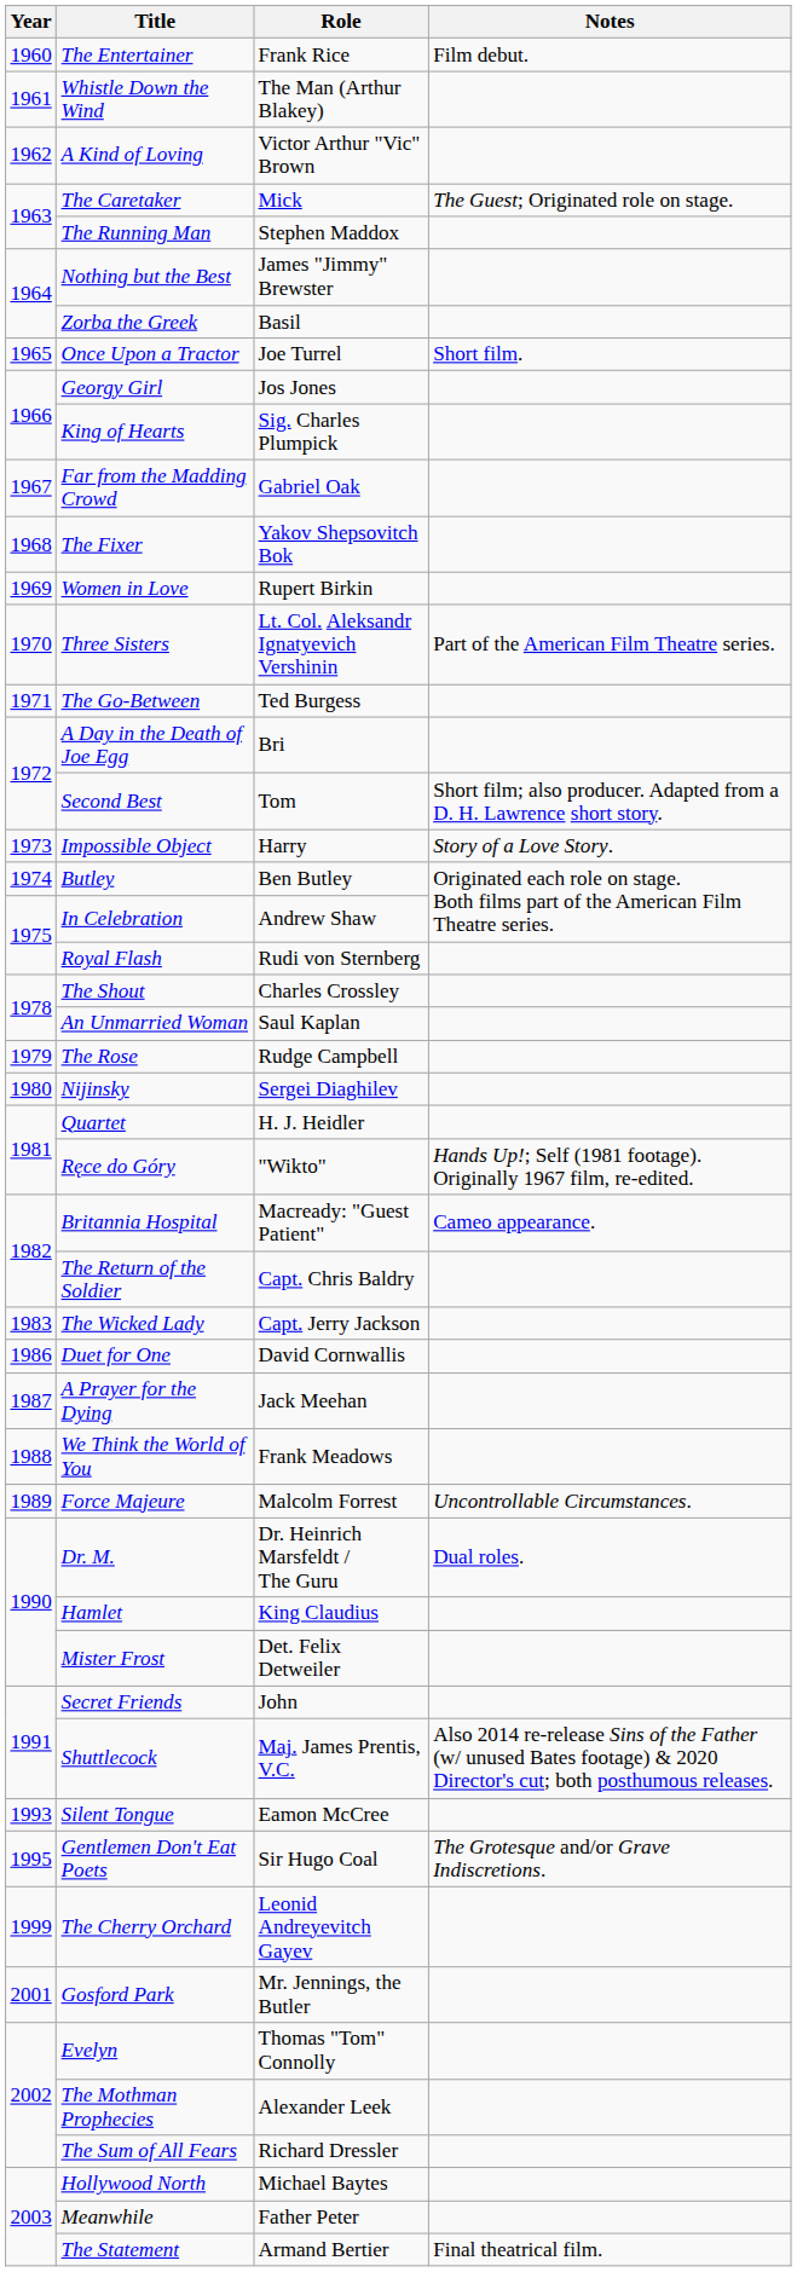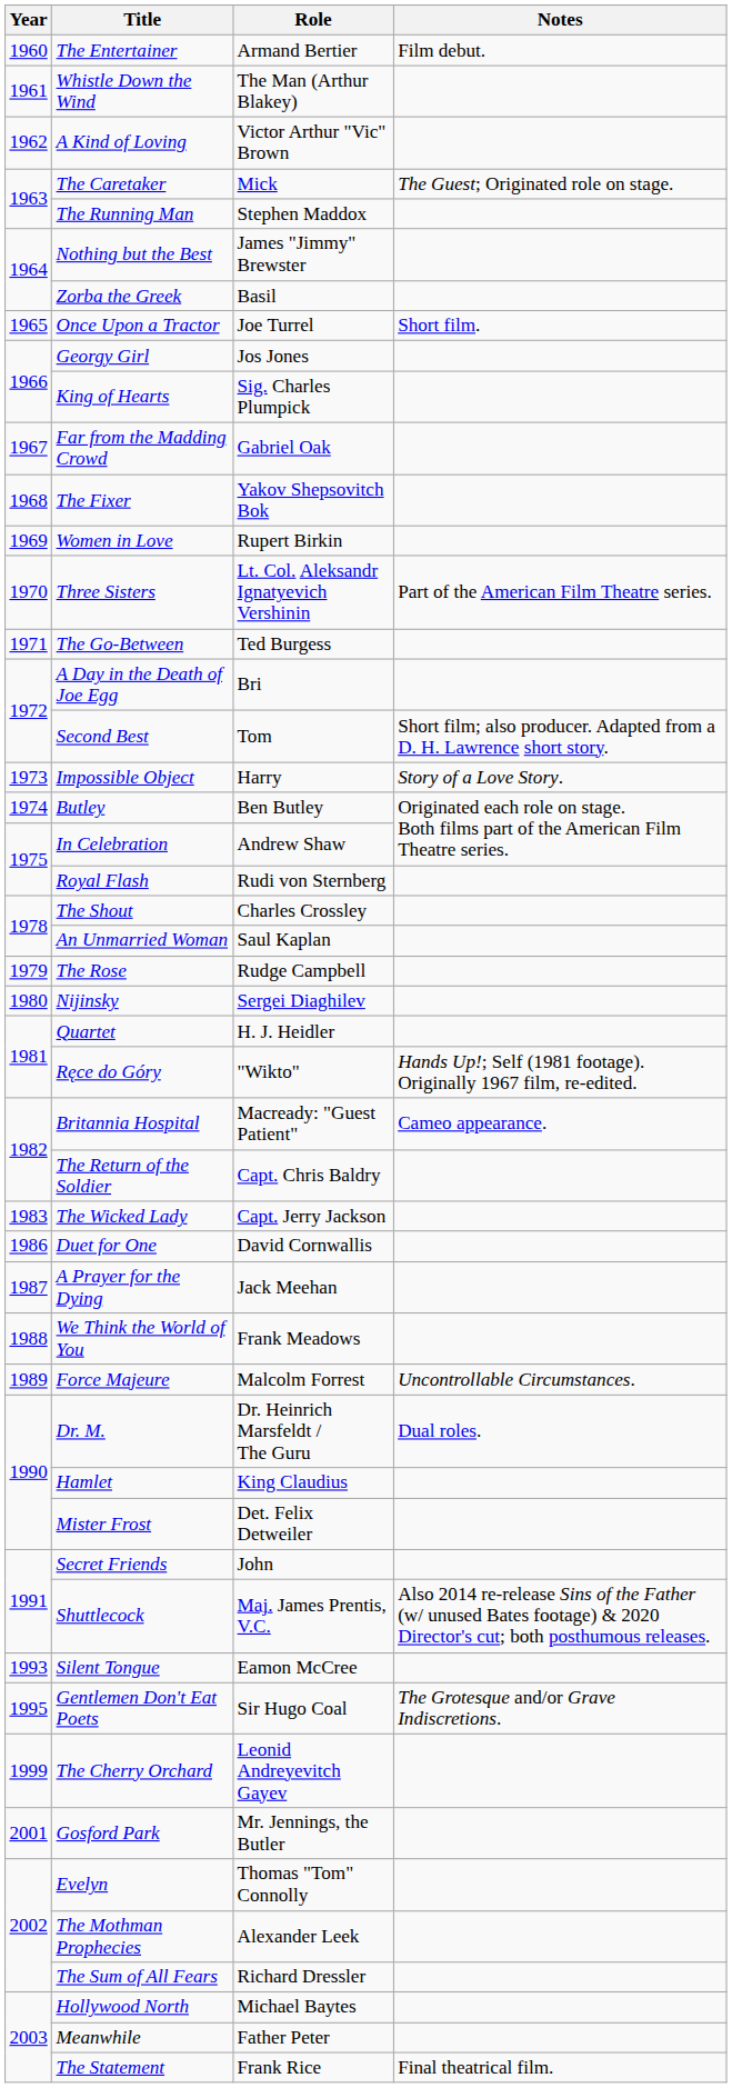 <table class="wikitable sortable">
 <tr>
 <th style="width:020px;">Year</th>
 <th style="width:250px;">Title</th>
 <th style="width:190px;">Role</th>
 <th style="width:540px;">Notes</th>
 </tr>
 <tr>
 <td><a href='#'>1960</a></td>
 <td><em><a href='#'>The Entertainer</a></em></td>
-<td>Frank Rice</td>
+<td>Armand Bertier</td>
 <td>Film debut.</td>
 </tr>
 <tr>
 <td><a href='#'>1961</a></td>
 <td><em><a href='#'>Whistle Down the Wind</a></em></td>
 <td>The Man (Arthur Blakey)</td>
 <td></td>
 </tr>
 <tr>
 <td><a href='#'>1962</a></td>
 <td><em><a href='#'>A Kind of Loving</a></em></td>
 <td>Victor Arthur "Vic" Brown</td>
 <td></td>
 </tr>
 <tr>
 <td rowspan="2"><a href='#'>1963</a></td>
 <td><em><a href='#'>The Caretaker</a></em></td>
 <td><a href='#'>Mick</a></td>
 <td> <em>The Guest</em>; Originated role on stage.</td>
 </tr>
 <tr>
 <td><em><a href='#'>The Running Man</a></em></td>
 <td>Stephen Maddox</td>
 <td></td>
 </tr>
 <tr>
 <td rowspan="2"><a href='#'>1964</a></td>
 <td><em><a href='#'>Nothing but the Best</a></em></td>
 <td>James "Jimmy" Brewster</td>
 <td></td>
 </tr>
 <tr>
 <td><em><a href='#'>Zorba the Greek</a></em></td>
 <td>Basil</td>
 <td></td>
 </tr>
 <tr>
 <td><a href='#'>1965</a></td>
 <td><em><a href='#'>Once Upon a Tractor</a></em></td>
 <td>Joe Turrel</td>
 <td><a href='#'>Short film</a>.</td>
 </tr>
 <tr>
 <td rowspan="2"><a href='#'>1966</a></td>
 <td><em><a href='#'>Georgy Girl</a></em></td>
 <td>Jos Jones</td>
 <td></td>
 </tr>
 <tr>
 <td><em><a href='#'>King of Hearts</a></em></td>
 <td><a href='#'>Sig.</a> Charles Plumpick</td>
 <td></td>
 </tr>
 <tr>
 <td><a href='#'>1967</a></td>
 <td><em><a href='#'>Far from the Madding Crowd</a></em></td>
 <td><a href='#'>Gabriel Oak</a></td>
 <td></td>
 </tr>
 <tr>
 <td><a href='#'>1968</a></td>
 <td><em><a href='#'>The Fixer</a></em></td>
 <td><a href='#'>Yakov Shepsovitch Bok</a></td>
 <td></td>
 </tr>
 <tr>
 <td><a href='#'>1969</a></td>
 <td><em><a href='#'>Women in Love</a></em></td>
 <td>Rupert Birkin</td>
 <td></td>
 </tr>
 <tr>
 <td><a href='#'>1970</a></td>
 <td><em><a href='#'>Three Sisters</a></em></td>
 <td><a href='#'>Lt. Col.</a> <a href='#'>Aleksandr Ignatyevich Vershinin</a></td>
 <td>Part of the <a href='#'>American Film Theatre</a> series.</td>
 </tr>
 <tr>
 <td><a href='#'>1971</a></td>
 <td><em><a href='#'>The Go-Between</a></em></td>
 <td>Ted Burgess</td>
 <td></td>
 </tr>
 <tr>
 <td rowspan="2"><a href='#'>1972</a></td>
 <td><em><a href='#'>A Day in the Death of Joe Egg</a></em></td>
 <td>Bri</td>
 <td></td>
 </tr>
 <tr>
 <td><em><a href='#'>Second Best</a></em></td>
 <td>Tom</td>
 <td>Short film; also producer. Adapted from a <a href='#'>D. H. Lawrence</a> <a href='#'>short story</a>.</td>
 </tr>
 <tr>
 <td><a href='#'>1973</a></td>
 <td><em><a href='#'>Impossible Object</a></em></td>
 <td>Harry</td>
 <td> <em>Story of a Love Story</em>.</td>
 </tr>
 <tr>
 <td><a href='#'>1974</a></td>
 <td><em><a href='#'>Butley</a></em></td>
 <td>Ben Butley</td>
 <td rowspan="2">Originated each role on stage.<br>Both films part of the American Film Theatre series.</td>
 </tr>
 <tr>
 <td rowspan="2"><a href='#'>1975</a></td>
 <td><em><a href='#'>In Celebration</a></em></td>
 <td>Andrew Shaw</td>
 </tr>
 <tr>
 <td><em><a href='#'>Royal Flash</a></em></td>
 <td>Rudi von Sternberg</td>
 <td></td>
 </tr>
 <tr>
 <td rowspan="2"><a href='#'>1978</a></td>
 <td><em><a href='#'>The Shout</a></em></td>
 <td>Charles Crossley</td>
 <td></td>
 </tr>
 <tr>
 <td><em><a href='#'>An Unmarried Woman</a></em></td>
 <td>Saul Kaplan</td>
 <td></td>
 </tr>
 <tr>
 <td><a href='#'>1979</a></td>
 <td><em><a href='#'>The Rose</a></em></td>
 <td>Rudge Campbell</td>
 <td></td>
 </tr>
 <tr>
 <td><a href='#'>1980</a></td>
 <td><em><a href='#'>Nijinsky</a></em></td>
 <td><a href='#'>Sergei Diaghilev</a></td>
 <td></td>
 </tr>
 <tr>
 <td rowspan="2"><a href='#'>1981</a></td>
 <td><em><a href='#'>Quartet</a></em></td>
 <td>H. J. Heidler</td>
 <td></td>
 </tr>
 <tr>
 <td><em><a href='#'>Ręce do Góry</a></em></td>
 <td>"Wikto"</td>
 <td> <em>Hands Up!</em>; Self (1981 footage). Originally 1967 film, re-edited.</td>
 </tr>
 <tr>
 <td rowspan="2"><a href='#'>1982</a></td>
 <td><em><a href='#'>Britannia Hospital</a></em></td>
 <td>Macready: "Guest Patient"</td>
 <td><a href='#'>Cameo appearance</a>.</td>
 </tr>
 <tr>
 <td><em><a href='#'>The Return of the Soldier</a></em></td>
 <td><a href='#'>Capt.</a> Chris Baldry</td>
 <td></td>
 </tr>
 <tr>
 <td><a href='#'>1983</a></td>
 <td><em><a href='#'>The Wicked Lady</a></em></td>
 <td><a href='#'>Capt.</a> Jerry Jackson</td>
 <td></td>
 </tr>
 <tr>
 <td><a href='#'>1986</a></td>
 <td><em><a href='#'>Duet for One</a></em></td>
 <td>David Cornwallis</td>
 <td></td>
 </tr>
 <tr>
 <td><a href='#'>1987</a></td>
 <td><em><a href='#'>A Prayer for the Dying</a></em></td>
 <td>Jack Meehan</td>
 <td></td>
 </tr>
 <tr>
 <td><a href='#'>1988</a></td>
 <td><em><a href='#'>We Think the World of You</a></em></td>
 <td>Frank Meadows</td>
 <td></td>
 </tr>
 <tr>
 <td><a href='#'>1989</a></td>
 <td><em><a href='#'>Force Majeure</a></em></td>
 <td>Malcolm Forrest</td>
 <td> <em>Uncontrollable Circumstances</em>.</td>
 </tr>
 <tr>
 <td rowspan="3"><a href='#'>1990</a></td>
 <td><em><a href='#'>Dr. M.</a></em></td>
 <td>Dr. Heinrich Marsfeldt /<br>The Guru</td>
 <td><a href='#'>Dual roles</a>.</td>
 </tr>
 <tr>
 <td><em><a href='#'>Hamlet</a></em></td>
 <td><a href='#'>King Claudius</a></td>
 <td></td>
 </tr>
 <tr>
 <td><em><a href='#'>Mister Frost</a></em></td>
 <td>Det. Felix Detweiler</td>
 <td></td>
 </tr>
 <tr>
 <td rowspan="2"><a href='#'>1991</a></td>
 <td><em><a href='#'>Secret Friends</a></em></td>
 <td>John</td>
 <td></td>
 </tr>
 <tr>
 <td><em><a href='#'>Shuttlecock</a></em></td>
 <td><a href='#'>Maj.</a> James Prentis, <a href='#'>V.C.</a></td>
 <td>Also 2014 re-release  <em>Sins of the Father</em> (w/ unused Bates footage) & 2020 <a href='#'>Director's cut</a>; both <a href='#'>posthumous releases</a>.</td>
 </tr>
 <tr>
 <td><a href='#'>1993</a></td>
 <td><em><a href='#'>Silent Tongue</a></em></td>
 <td>Eamon McCree</td>
 <td></td>
 </tr>
 <tr>
 <td><a href='#'>1995</a></td>
 <td><em><a href='#'>Gentlemen Don't Eat Poets</a></em></td>
 <td>Sir Hugo Coal</td>
 <td> <em>The Grotesque</em> and/or <em>Grave Indiscretions</em>.</td>
 </tr>
 <tr>
 <td><a href='#'>1999</a></td>
 <td><em><a href='#'>The Cherry Orchard</a></em></td>
 <td><a href='#'>Leonid Andreyevitch Gayev</a></td>
 <td></td>
 </tr>
 <tr>
 <td><a href='#'>2001</a></td>
 <td><em><a href='#'>Gosford Park</a></em></td>
 <td>Mr. Jennings, the Butler</td>
 <td></td>
 </tr>
 <tr>
 <td rowspan="3"><a href='#'>2002</a></td>
 <td><em><a href='#'>Evelyn</a></em></td>
 <td>Thomas "Tom" Connolly</td>
 <td></td>
 </tr>
 <tr>
 <td><em><a href='#'>The Mothman Prophecies</a></em></td>
 <td>Alexander Leek</td>
 <td></td>
 </tr>
 <tr>
 <td><em><a href='#'>The Sum of All Fears</a></em></td>
 <td>Richard Dressler</td>
 <td></td>
 </tr>
 <tr>
 <td rowspan="3"><a href='#'>2003</a></td>
 <td><em><a href='#'>Hollywood North</a></em></td>
 <td>Michael Baytes</td>
 <td></td>
 </tr>
 <tr>
 <td><em>Meanwhile</em></td>
 <td>Father Peter</td>
 <td></td>
 </tr>
 <tr>
 <td><em><a href='#'>The Statement</a></em></td>
-<td>Armand Bertier</td>
+<td>Frank Rice</td>
 <td>Final theatrical film.</td>
 </tr>
 </table>
